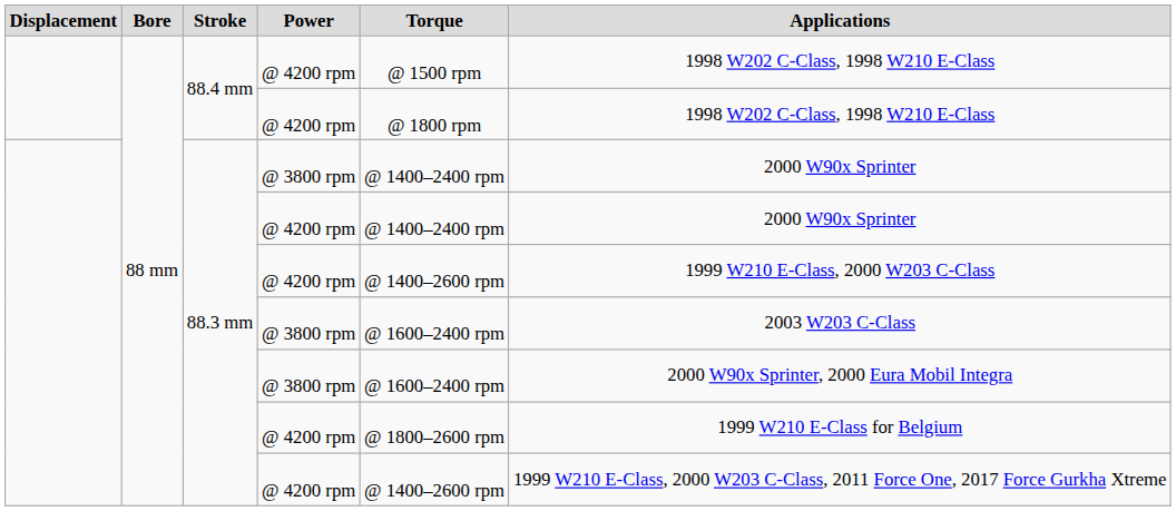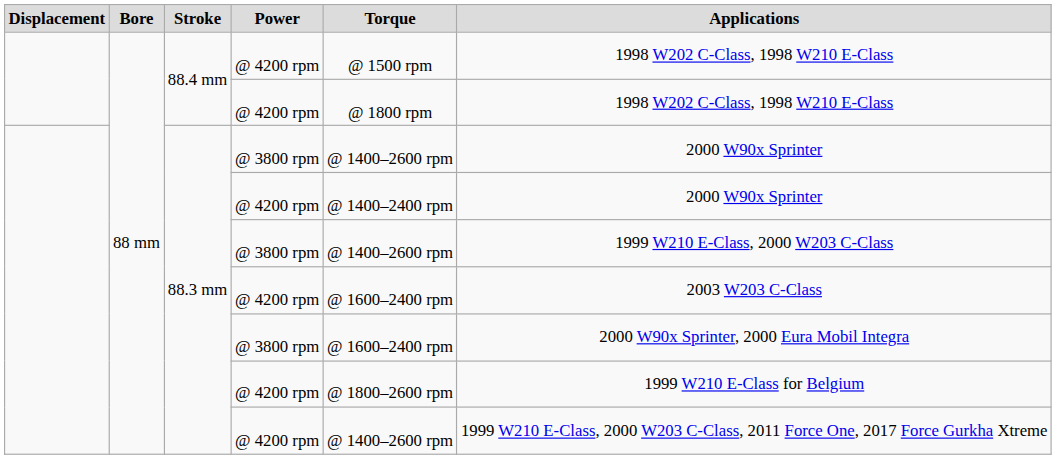 <table class="wikitable" style="text-align:center; font-size:91%;">
 <tr>
 <th style="background:#DCDCDC" align="center" valign="middle">Displacement</th>
 <th style="background:#DCDCDC" align="center" valign="middle">Bore</th>
 <th style="background:#DCDCDC" align="center" valign="middle">Stroke</th>
 <th style="background:#DCDCDC" align="center" valign="middle">Power</th>
 <th style="background:#DCDCDC" align="center" valign="middle">Torque</th>
 <th style="background:#DCDCDC" align="center" valign="middle">Applications</th>
 </tr>
 <tr>
 <td rowspan="2"></td>
 <td rowspan="9">88 mm</td>
 <td rowspan="2">88.4 mm</td>
 <td><br>@ 4200 rpm</td>
 <td><br>@ 1500 rpm</td>
 <td>1998 <a href='#'>W202 C-Class</a>, 1998 <a href='#'>W210 E-Class</a></td>
 </tr>
 <tr>
 <td><br>@ 4200 rpm</td>
 <td><br>@ 1800 rpm</td>
 <td>1998 <a href='#'>W202 C-Class</a>, 1998 <a href='#'>W210 E-Class</a></td>
 </tr>
 <tr>
 <td rowspan="7"></td>
 <td rowspan="7">88.3 mm</td>
 <td><br>@ 3800 rpm</td>
-<td><br>@ 1400–2400 rpm</td>
+<td><br>@ 1400–2600 rpm</td>
 <td>2000 <a href='#'>W90x Sprinter</a></td>
 </tr>
 <tr>
 <td><br>@ 4200 rpm</td>
 <td><br>@ 1400–2400 rpm</td>
 <td>2000 <a href='#'>W90x Sprinter</a></td>
 </tr>
 <tr>
-<td><br>@ 4200 rpm</td>
+<td><br>@ 3800 rpm</td>
 <td><br>@ 1400–2600 rpm</td>
 <td>1999 <a href='#'>W210 E-Class</a>, 2000 <a href='#'>W203 C-Class</a></td>
 </tr>
 <tr>
-<td><br>@ 3800 rpm</td>
+<td><br>@ 4200 rpm</td>
 <td><br>@ 1600–2400 rpm</td>
 <td>2003 <a href='#'>W203 C-Class</a></td>
 </tr>
 <tr>
 <td><br>@ 3800 rpm</td>
 <td><br>@ 1600–2400 rpm</td>
 <td>2000 <a href='#'>W90x Sprinter</a>, 2000 <a href='#'>Eura Mobil Integra</a></td>
 </tr>
 <tr>
 <td><br>@ 4200 rpm</td>
 <td><br>@ 1800–2600 rpm</td>
 <td>1999 <a href='#'>W210 E-Class</a> for <a href='#'>Belgium</a></td>
 </tr>
 <tr>
 <td><br>@ 4200 rpm</td>
 <td><br>@ 1400–2600 rpm</td>
 <td>1999 <a href='#'>W210 E-Class</a>, 2000 <a href='#'>W203 C-Class</a>, 2011 <a href='#'>Force One</a>, 2017 <a href='#'>Force Gurkha</a> Xtreme</td>
 </tr>
 </table>
